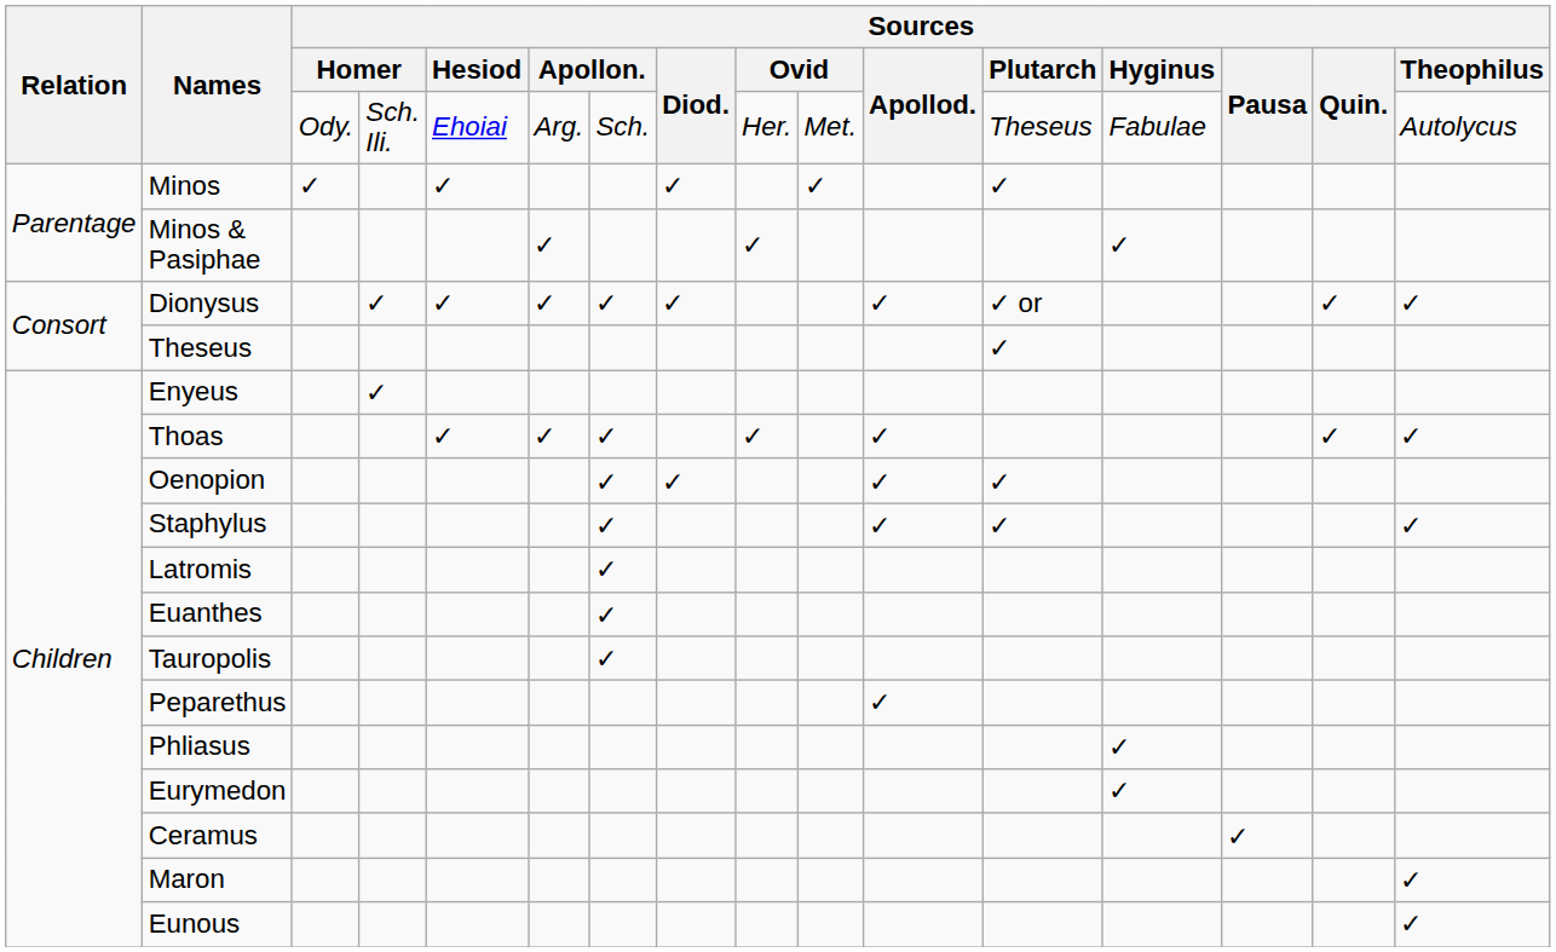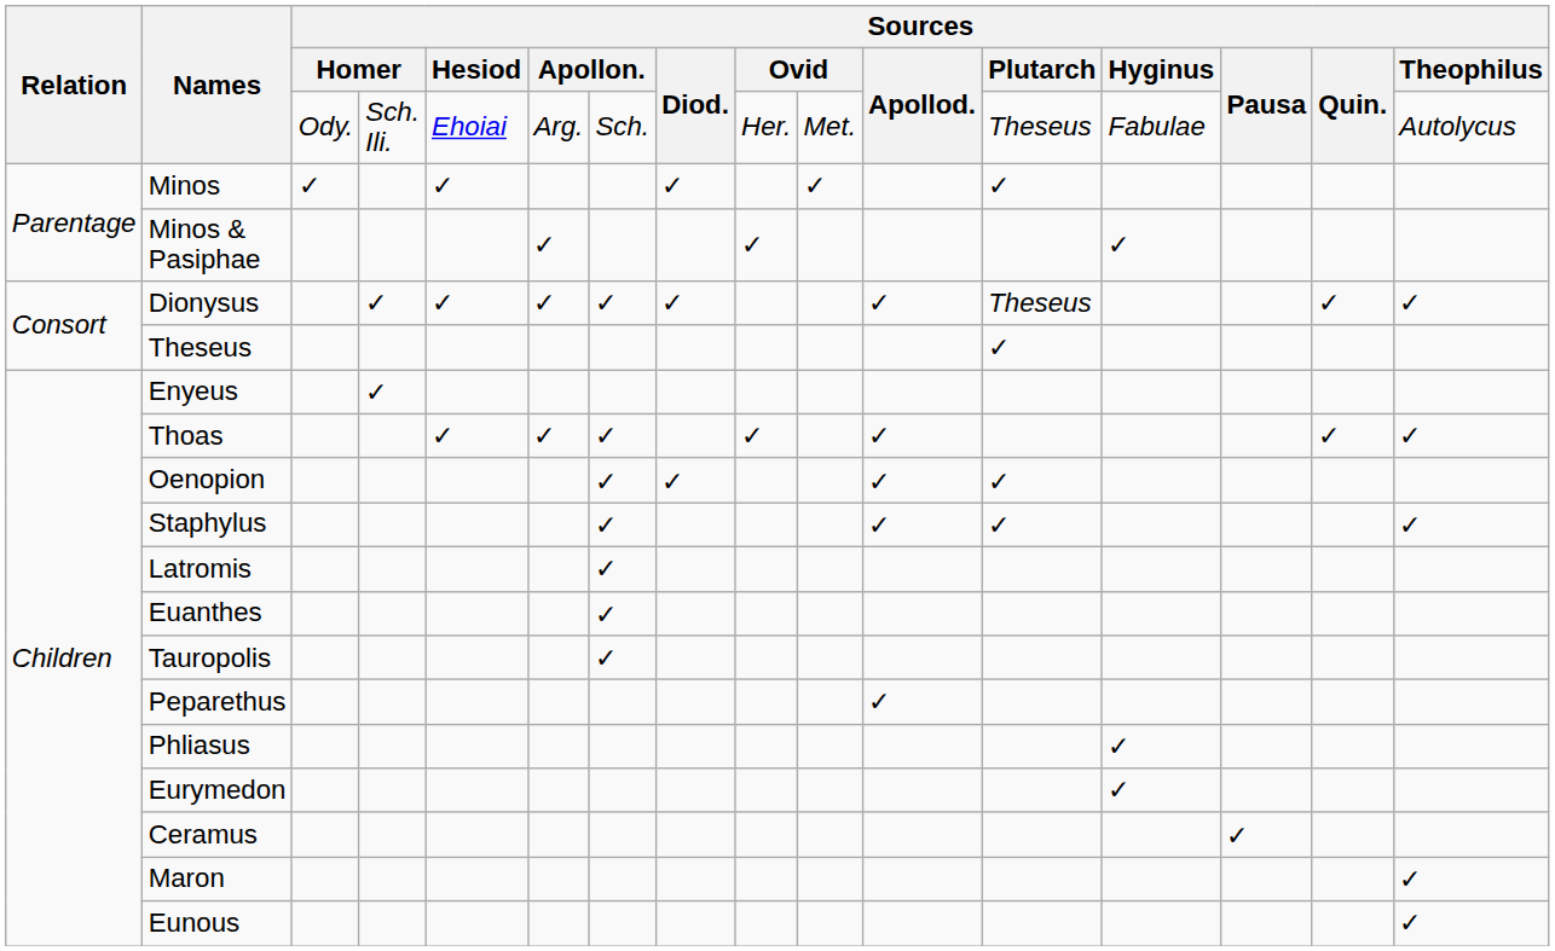 <table class="wikitable mw-collapsible mw-collapsed" style="width:100%;">
 <tr>
 <th rowspan="3">Relation</th>
 <th rowspan="3">Names</th>
 <th colspan="14">Sources</th>
 </tr>
 <tr>
 <th colspan="2">Homer</th>
 <th>Hesiod</th>
 <th colspan="2">Apollon.</th>
 <th rowspan="2">Diod.</th>
 <th colspan="2">Ovid</th>
 <th rowspan="2">Apollod.</th>
 <th>Plutarch</th>
 <th>Hyginus</th>
 <th rowspan="2">Pausa</th>
 <th rowspan="2">Quin.</th>
 <th>Theophilus</th>
 </tr>
 <tr>
 <td><em>Ody.</em></td>
 <td><em>Sch. Ili.</em></td>
 <td><em><a href='#'>Ehoiai</a></em></td>
 <td><em>Arg.</em></td>
 <td><em>Sch.</em></td>
 <td><em>Her.</em></td>
 <td><em>Met.</em></td>
 <td><em>Theseus</em></td>
 <td><em>Fabulae</em></td>
 <td><em>Autolycus</em></td>
 </tr>
 <tr>
 <td rowspan="2"><em>Parentage</em></td>
 <td>Minos</td>
 <td>✓</td>
 <td></td>
 <td>✓</td>
 <td></td>
 <td></td>
 <td>✓</td>
 <td></td>
 <td>✓</td>
 <td></td>
 <td>✓</td>
 <td></td>
 <td></td>
 <td></td>
 <td></td>
 </tr>
 <tr>
 <td>Minos & Pasiphae</td>
 <td></td>
 <td></td>
 <td></td>
 <td>✓</td>
 <td></td>
 <td></td>
 <td>✓</td>
 <td></td>
 <td></td>
 <td></td>
 <td>✓</td>
 <td></td>
 <td></td>
 <td></td>
 </tr>
 <tr>
 <td rowspan="2"><em>Consort</em></td>
 <td>Dionysus</td>
 <td></td>
 <td>✓</td>
 <td>✓</td>
 <td>✓</td>
 <td>✓</td>
 <td>✓</td>
 <td></td>
 <td></td>
 <td>✓</td>
-<td>✓ or</td>
+<td><em>Theseus</em></td>
 <td></td>
 <td></td>
 <td>✓</td>
 <td>✓</td>
 </tr>
 <tr>
 <td>Theseus</td>
 <td></td>
 <td></td>
 <td></td>
 <td></td>
 <td></td>
 <td></td>
 <td></td>
 <td></td>
 <td></td>
 <td>✓</td>
 <td></td>
 <td></td>
 <td></td>
 <td></td>
 </tr>
 <tr>
 <td rowspan="14"><em>Children</em></td>
 <td>Enyeus</td>
 <td></td>
 <td>✓</td>
 <td></td>
 <td></td>
 <td></td>
 <td></td>
 <td></td>
 <td></td>
 <td></td>
 <td></td>
 <td></td>
 <td></td>
 <td></td>
 <td></td>
 </tr>
 <tr>
 <td>Thoas</td>
 <td></td>
 <td></td>
 <td>✓</td>
 <td>✓</td>
 <td>✓</td>
 <td></td>
 <td>✓</td>
 <td></td>
 <td>✓</td>
 <td></td>
 <td></td>
 <td></td>
 <td>✓</td>
 <td>✓</td>
 </tr>
 <tr>
 <td>Oenopion</td>
 <td></td>
 <td></td>
 <td></td>
 <td></td>
 <td>✓</td>
 <td>✓</td>
 <td></td>
 <td></td>
 <td>✓</td>
 <td>✓</td>
 <td></td>
 <td></td>
 <td></td>
 <td></td>
 </tr>
 <tr>
 <td>Staphylus</td>
 <td></td>
 <td></td>
 <td></td>
 <td></td>
 <td>✓</td>
 <td></td>
 <td></td>
 <td></td>
 <td>✓</td>
 <td>✓</td>
 <td></td>
 <td></td>
 <td></td>
 <td>✓</td>
 </tr>
 <tr>
 <td>Latromis</td>
 <td></td>
 <td></td>
 <td></td>
 <td></td>
 <td>✓</td>
 <td></td>
 <td></td>
 <td></td>
 <td></td>
 <td></td>
 <td></td>
 <td></td>
 <td></td>
 <td></td>
 </tr>
 <tr>
 <td>Euanthes</td>
 <td></td>
 <td></td>
 <td></td>
 <td></td>
 <td>✓</td>
 <td></td>
 <td></td>
 <td></td>
 <td></td>
 <td></td>
 <td></td>
 <td></td>
 <td></td>
 <td></td>
 </tr>
 <tr>
 <td>Tauropolis</td>
 <td></td>
 <td></td>
 <td></td>
 <td></td>
 <td>✓</td>
 <td></td>
 <td></td>
 <td></td>
 <td></td>
 <td></td>
 <td></td>
 <td></td>
 <td></td>
 <td></td>
 </tr>
 <tr>
 <td>Peparethus</td>
 <td></td>
 <td></td>
 <td></td>
 <td></td>
 <td></td>
 <td></td>
 <td></td>
 <td></td>
 <td>✓</td>
 <td></td>
 <td></td>
 <td></td>
 <td></td>
 <td></td>
 </tr>
 <tr>
 <td>Phliasus</td>
 <td></td>
 <td></td>
 <td></td>
 <td></td>
 <td></td>
 <td></td>
 <td></td>
 <td></td>
 <td></td>
 <td></td>
 <td>✓</td>
 <td></td>
 <td></td>
 <td></td>
 </tr>
 <tr>
 <td>Eurymedon</td>
 <td></td>
 <td></td>
 <td></td>
 <td></td>
 <td></td>
 <td></td>
 <td></td>
 <td></td>
 <td></td>
 <td></td>
 <td>✓</td>
 <td></td>
 <td></td>
 <td></td>
 </tr>
 <tr>
 <td>Ceramus</td>
 <td></td>
 <td></td>
 <td></td>
 <td></td>
 <td></td>
 <td></td>
 <td></td>
 <td></td>
 <td></td>
 <td></td>
 <td></td>
 <td>✓</td>
 <td></td>
 <td></td>
 </tr>
 <tr>
 <td>Maron</td>
 <td></td>
 <td></td>
 <td></td>
 <td></td>
 <td></td>
 <td></td>
 <td></td>
 <td></td>
 <td></td>
 <td></td>
 <td></td>
 <td></td>
 <td></td>
 <td>✓</td>
 </tr>
 <tr>
 <td>Eunous</td>
 <td></td>
 <td></td>
 <td></td>
 <td></td>
 <td></td>
 <td></td>
 <td></td>
 <td></td>
 <td></td>
 <td></td>
 <td></td>
 <td></td>
 <td></td>
 <td>✓</td>
 </tr>
 </table>
